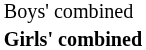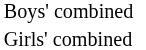 <table>
 <tr>
 <td>Boys' combined<br></td>
 <td></td>
 <td></td>
 <td></td>
 </tr>
 <tr>
-<td><strong>Girls' combined<br></strong></td>
+<td>Girls' combined<br></td>
 <td></td>
 <td></td>
 <td></td>
 </tr>
 </table>
